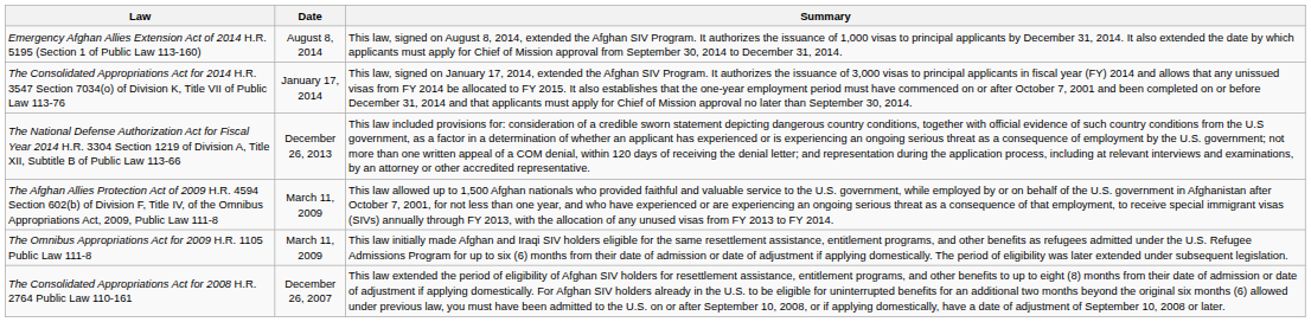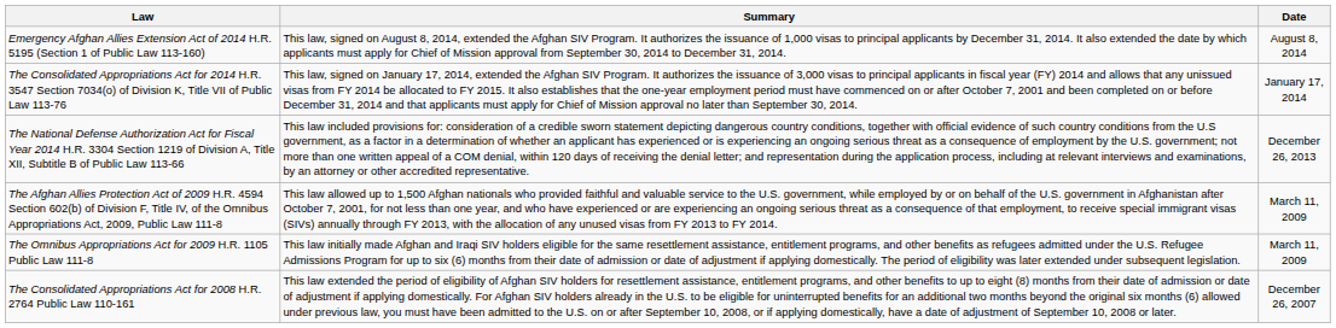 <table class="wikitable">
 <tr>
 <th><small>Law</small></th>
+<th><small>Summary</small></th>
 <th style="text-align:center;"><small>Date</small></th>
-<th><small>Summary</small></th>
 </tr>
 <tr>
 <td><small><em>Emergency Afghan Allies Extension Act of 2014</em> H.R. 5195 (Section 1 of Public Law 113-160)</small></td>
+<td><small>This law, signed on August 8, 2014, extended the Afghan SIV Program. It authorizes the issuance of 1,000 visas to principal applicants by December 31, 2014. It also extended the date by which applicants must apply for Chief of Mission approval from September 30, 2014 to December 31, 2014.</small></td>
 <td style="text-align:center;"><small>August 8, 2014</small></td>
-<td><small>This law, signed on August 8, 2014, extended the Afghan SIV Program. It authorizes the issuance of 1,000 visas to principal applicants by December 31, 2014. It also extended the date by which applicants must apply for Chief of Mission approval from September 30, 2014 to December 31, 2014.</small></td>
 </tr>
 <tr>
 <td><small><em>The Consolidated Appropriations Act for 2014</em> H.R. 3547 Section 7034(o) of Division K, Title VII of Public Law 113-76</small></td>
+<td><small>This law, signed on January 17, 2014, extended the Afghan SIV Program. It authorizes the issuance of 3,000 visas to principal applicants in fiscal year (FY) 2014 and allows that any unissued visas from FY 2014 be allocated to FY 2015. It also establishes that the one-year employment period must have commenced on or after October 7, 2001 and been completed on or before December 31, 2014 and that applicants must apply for Chief of Mission approval no later than September 30, 2014.</small></td>
 <td style="text-align:center;"><small>January 17, 2014</small></td>
-<td><small>This law, signed on January 17, 2014, extended the Afghan SIV Program. It authorizes the issuance of 3,000 visas to principal applicants in fiscal year (FY) 2014 and allows that any unissued visas from FY 2014 be allocated to FY 2015. It also establishes that the one-year employment period must have commenced on or after October 7, 2001 and been completed on or before December 31, 2014 and that applicants must apply for Chief of Mission approval no later than September 30, 2014.</small></td>
 </tr>
 <tr>
 <td><small><em>The National Defense Authorization Act for Fiscal Year 2014</em> H.R. 3304 Section 1219 of Division A, Title XII, Subtitle B of Public Law 113-66</small></td>
+<td><small>This law included provisions for: consideration of a credible sworn statement depicting dangerous country conditions, together with official evidence of such country conditions from the U.S government, as a factor in a determination of whether an applicant has experienced or is experiencing an ongoing serious threat as a consequence of employment by the U.S. government; not more than one written appeal of a COM denial, within 120 days of receiving the denial letter; and representation during the application process, including at relevant interviews and examinations, by an attorney or other accredited representative.</small></td>
 <td style="text-align:center;"><small>December 26, 2013</small></td>
-<td><small>This law included provisions for: consideration of a credible sworn statement depicting dangerous country conditions, together with official evidence of such country conditions from the U.S government, as a factor in a determination of whether an applicant has experienced or is experiencing an ongoing serious threat as a consequence of employment by the U.S. government; not more than one written appeal of a COM denial, within 120 days of receiving the denial letter; and representation during the application process, including at relevant interviews and examinations, by an attorney or other accredited representative.</small></td>
 </tr>
 <tr>
 <td><small><em>The Afghan Allies Protection Act of 2009</em> H.R. 4594 Section 602(b) of Division F, Title IV, of the Omnibus Appropriations Act, 2009, Public Law 111-8</small></td>
+<td><small>This law allowed up to 1,500 Afghan nationals who provided faithful and valuable service to the U.S. government, while employed by or on behalf of the U.S. government in Afghanistan after October 7, 2001, for not less than one year, and who have experienced or are experiencing an ongoing serious threat as a consequence of that employment, to receive special immigrant visas (SIVs) annually through FY 2013, with the allocation of any unused visas from FY 2013 to FY 2014.</small></td>
 <td style="text-align:center;"><small>March 11, 2009</small></td>
-<td><small>This law allowed up to 1,500 Afghan nationals who provided faithful and valuable service to the U.S. government, while employed by or on behalf of the U.S. government in Afghanistan after October 7, 2001, for not less than one year, and who have experienced or are experiencing an ongoing serious threat as a consequence of that employment, to receive special immigrant visas (SIVs) annually through FY 2013, with the allocation of any unused visas from FY 2013 to FY 2014.</small></td>
 </tr>
 <tr>
 <td><small><em>The Omnibus Appropriations Act for 2009</em> H.R. 1105 Public Law 111-8</small></td>
+<td><small>This law initially made Afghan and Iraqi SIV holders eligible for the same resettlement assistance, entitlement programs, and other benefits as refugees admitted under the U.S. Refugee Admissions Program for up to six (6) months from their date of admission or date of adjustment if applying domestically. The period of eligibility was later extended under subsequent legislation.</small></td>
 <td style="text-align:center;"><small>March 11, 2009</small></td>
-<td><small>This law initially made Afghan and Iraqi SIV holders eligible for the same resettlement assistance, entitlement programs, and other benefits as refugees admitted under the U.S. Refugee Admissions Program for up to six (6) months from their date of admission or date of adjustment if applying domestically. The period of eligibility was later extended under subsequent legislation.</small></td>
 </tr>
 <tr>
 <td><small><em>The Consolidated Appropriations Act for 2008</em> H.R. 2764 Public Law 110-161</small></td>
+<td><small>This law extended the period of eligibility of Afghan SIV holders for resettlement assistance, entitlement programs, and other benefits to up to eight (8) months from their date of admission or date of adjustment if applying domestically. For Afghan SIV holders already in the U.S. to be eligible for uninterrupted benefits for an additional two months beyond the original six months (6) allowed under previous law, you must have been admitted to the U.S. on or after September 10, 2008, or if applying domestically, have a date of adjustment of September 10, 2008 or later.</small></td>
 <td style="text-align:center;"><small>December 26, 2007</small></td>
-<td><small>This law extended the period of eligibility of Afghan SIV holders for resettlement assistance, entitlement programs, and other benefits to up to eight (8) months from their date of admission or date of adjustment if applying domestically. For Afghan SIV holders already in the U.S. to be eligible for uninterrupted benefits for an additional two months beyond the original six months (6) allowed under previous law, you must have been admitted to the U.S. on or after September 10, 2008, or if applying domestically, have a date of adjustment of September 10, 2008 or later.</small></td>
 </tr>
 </table>
